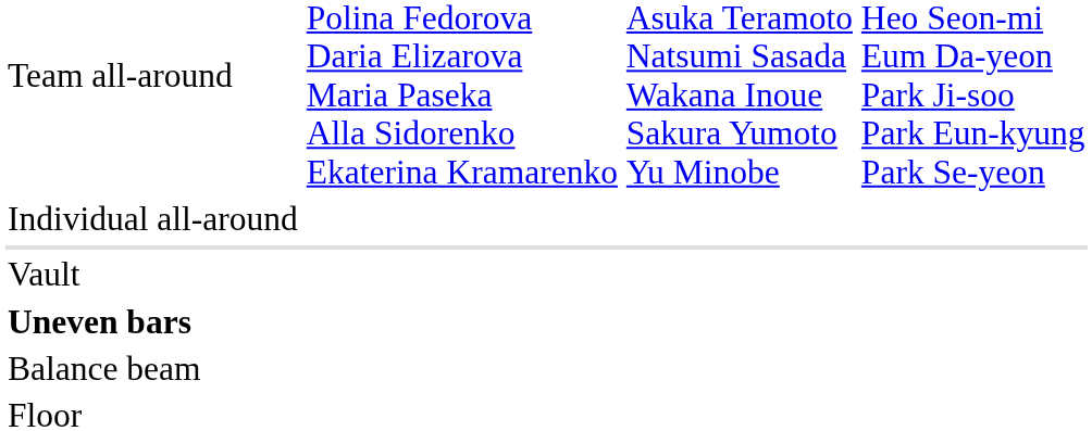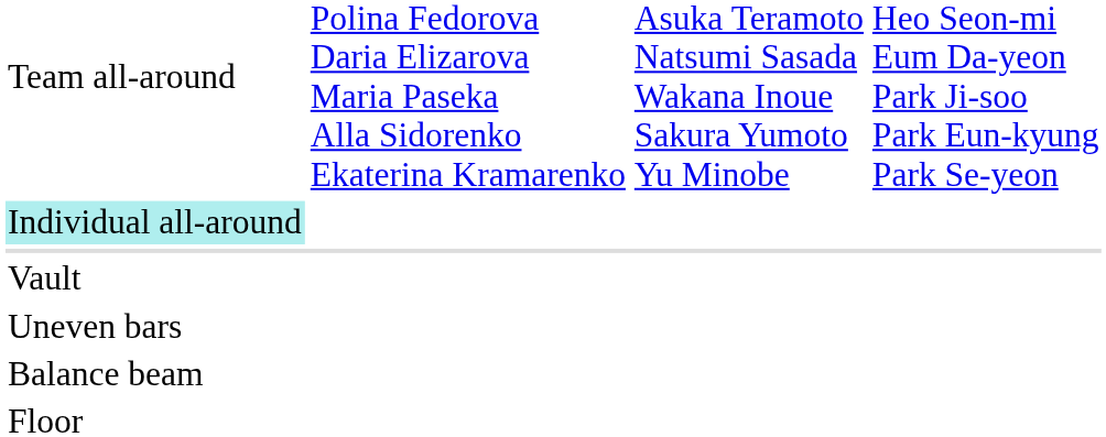 <table>
 <tr>
 <td>Team all-around<br></td>
 <td><br><a href='#'>Polina Fedorova</a> <br><a href='#'>Daria Elizarova</a><br><a href='#'>Maria Paseka</a><br><a href='#'>Alla Sidorenko</a><br><a href='#'>Ekaterina Kramarenko</a></td>
 <td><br><a href='#'>Asuka Teramoto</a> <br><a href='#'>Natsumi Sasada</a><br><a href='#'>Wakana Inoue</a><br><a href='#'>Sakura Yumoto</a><br><a href='#'>Yu Minobe</a></td>
 <td><br><a href='#'>Heo Seon-mi</a> <br><a href='#'>Eum Da-yeon</a><br><a href='#'>Park Ji-soo</a><br><a href='#'>Park Eun-kyung</a><br><a href='#'>Park Se-yeon</a></td>
 </tr>
 <tr>
-<td>Individual all-around<br></td>
+<td style="background: paleturquoise;">Individual all-around<br></td>
 <td></td>
 <td></td>
 <td></td>
 </tr>
 <tr bgcolor=#DDDDDD>
 <td colspan=7></td>
 </tr>
 <tr>
 <td>Vault<br></td>
 <td></td>
 <td></td>
 <td></td>
 </tr>
 <tr>
-<td><strong>Uneven bars<br></strong></td>
+<td>Uneven bars<br></td>
 <td></td>
 <td></td>
 <td></td>
 </tr>
 <tr>
 <td>Balance beam<br></td>
 <td></td>
 <td></td>
 <td></td>
 </tr>
 <tr>
 <td>Floor<br></td>
 <td></td>
 <td></td>
 <td></td>
 </tr>
 </table>
